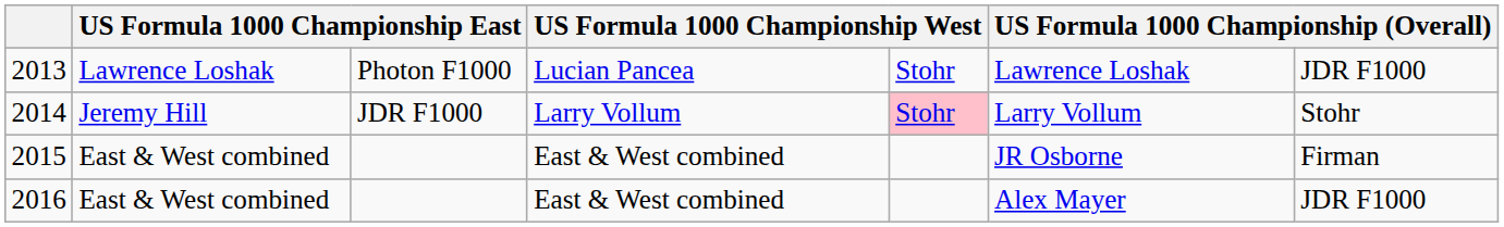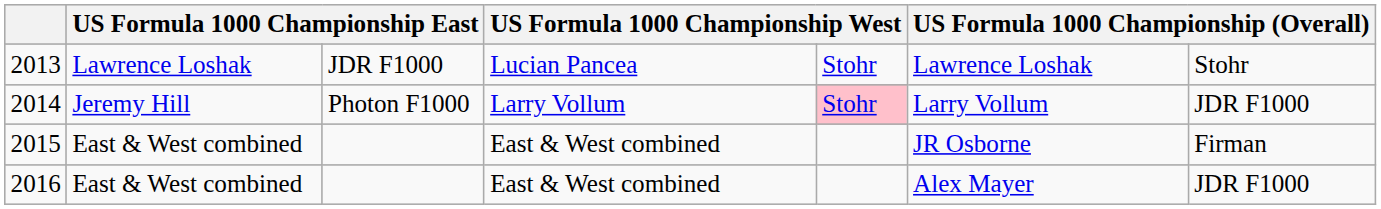 <table class="wikitable">
 <tr>
 <th></th>
 <th colspan=2>US Formula 1000 Championship East</th>
 <th colspan=2>US Formula 1000 Championship West</th>
 <th colspan=2>US Formula 1000 Championship (Overall)</th>
 </tr>
 <tr>
 <td>2013</td>
 <td><a href='#'>Lawrence Loshak</a></td>
-<td>Photon F1000</td>
+<td>JDR F1000</td>
 <td><a href='#'>Lucian Pancea</a></td>
 <td><a href='#'>Stohr</a></td>
 <td><a href='#'>Lawrence Loshak</a></td>
-<td>JDR F1000</td>
+<td Stohr Cars>Stohr</td>
 </tr>
 <tr>
 <td>2014</td>
 <td><a href='#'>Jeremy Hill</a></td>
-<td>JDR F1000</td>
+<td>Photon F1000</td>
 <td><a href='#'>Larry Vollum</a></td>
 <td style="background: pink;"><a href='#'>Stohr</a></td>
 <td><a href='#'>Larry Vollum</a></td>
-<td Stohr Cars>Stohr</td>
+<td>JDR F1000</td>
 </tr>
 <tr>
 <td>2015</td>
 <td>East & West combined</td>
 <td></td>
 <td>East & West combined</td>
 <td></td>
 <td><a href='#'>JR Osborne</a></td>
 <td Firman F1000>Firman</td>
 </tr>
 <tr>
 <td>2016</td>
 <td>East & West combined</td>
 <td></td>
 <td>East & West combined</td>
 <td></td>
 <td><a href='#'>Alex Mayer</a></td>
 <td JDR F1000>JDR F1000</td>
 </tr>
 </table>
